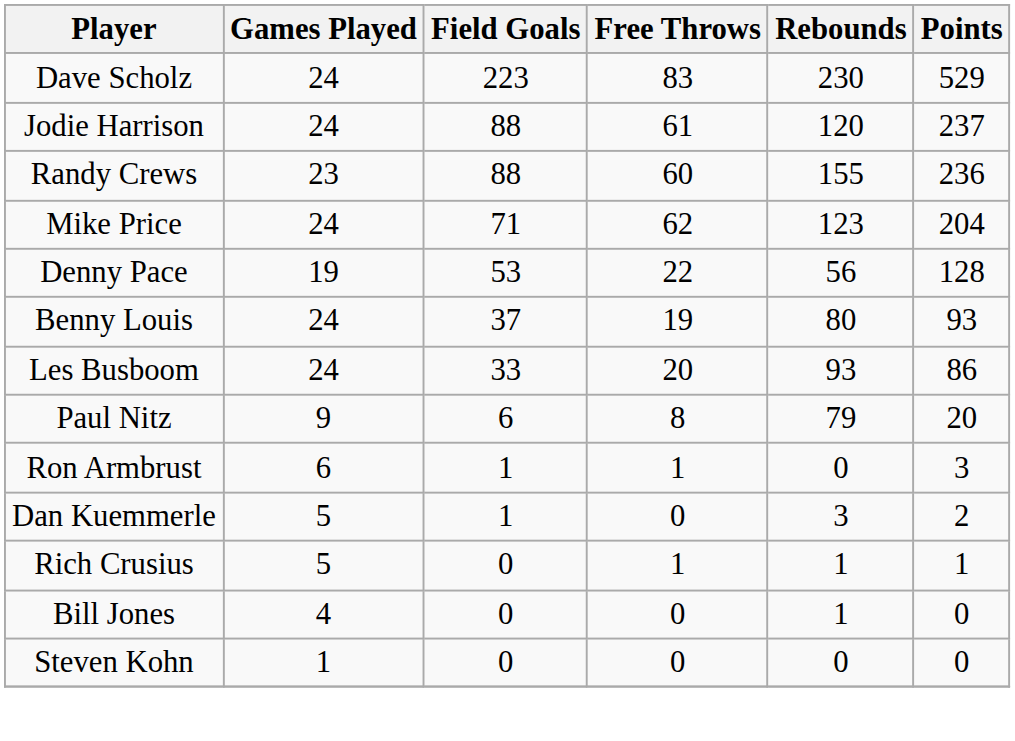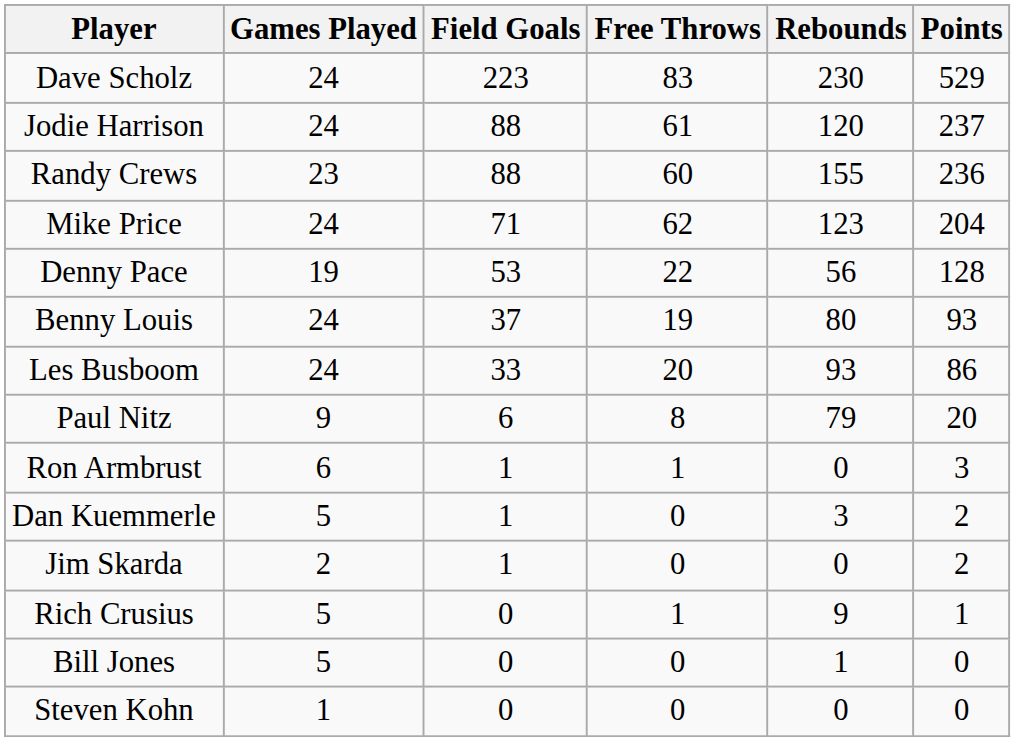 <table class="wikitable sortable">
 <tr>
 <th>Player</th>
 <th>Games Played</th>
 <th>Field Goals</th>
 <th>Free Throws</th>
 <th>Rebounds</th>
 <th>Points</th>
 </tr>
 <tr align="center" bgcolor="">
 <td>Dave Scholz</td>
 <td>24</td>
 <td>223</td>
 <td>83</td>
 <td>230</td>
 <td>529</td>
 </tr>
 <tr align="center" bgcolor="">
 <td>Jodie Harrison</td>
 <td>24</td>
 <td>88</td>
 <td>61</td>
 <td>120</td>
 <td>237</td>
 </tr>
 <tr align="center" bgcolor="">
 <td>Randy Crews</td>
 <td>23</td>
 <td>88</td>
 <td>60</td>
 <td>155</td>
 <td>236</td>
 </tr>
 <tr align="center" bgcolor="">
 <td>Mike Price</td>
 <td>24</td>
 <td>71</td>
 <td>62</td>
 <td>123</td>
 <td>204</td>
 </tr>
 <tr align="center" bgcolor="">
 <td>Denny Pace</td>
 <td>19</td>
 <td>53</td>
 <td>22</td>
 <td>56</td>
 <td>128</td>
 </tr>
 <tr align="center" bgcolor="">
 <td>Benny Louis</td>
 <td>24</td>
 <td>37</td>
 <td>19</td>
 <td>80</td>
 <td>93</td>
 </tr>
 <tr align="center" bgcolor="">
 <td>Les Busboom</td>
 <td>24</td>
 <td>33</td>
 <td>20</td>
 <td>93</td>
 <td>86</td>
 </tr>
 <tr align="center" bgcolor="">
 <td>Paul Nitz</td>
 <td>9</td>
 <td>6</td>
 <td>8</td>
 <td>79</td>
 <td>20</td>
 </tr>
 <tr align="center">
 <td>Ron Armbrust</td>
 <td>6</td>
 <td>1</td>
 <td>1</td>
 <td>0</td>
 <td>3</td>
 </tr>
 <tr align="center">
 <td>Dan Kuemmerle</td>
 <td>5</td>
 <td>1</td>
 <td>0</td>
 <td>3</td>
 <td>2</td>
 </tr>
 <tr align="center">
+<td>Jim Skarda</td>
+<td>2</td>
+<td>1</td>
+<td>0</td>
+<td>0</td>
+<td>2</td>
+</tr>
+<tr align="center">
 <td>Rich Crusius</td>
 <td>5</td>
 <td>0</td>
 <td>1</td>
-<td>1</td>
+<td>9</td>
 <td>1</td>
 </tr>
 <tr align="center">
 <td>Bill Jones</td>
-<td>4</td>
+<td>5</td>
 <td>0</td>
 <td>0</td>
 <td>1</td>
 <td>0</td>
 </tr>
 <tr align="center">
 <td>Steven Kohn</td>
 <td>1</td>
 <td>0</td>
 <td>0</td>
 <td>0</td>
 <td>0</td>
 </tr>
 <tr align="center">
 </tr>
 </table>
